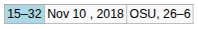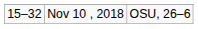 <table class="wikitable">
 <tr align="center">
 </tr>
 <tr align="center">
-<td style="background: lightblue;">15–32</td>
+<td>15–32</td>
 <td>Nov 10 , 2018</td>
 <td>OSU, 26–6</td>
 </tr>
 </table>
